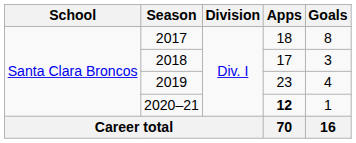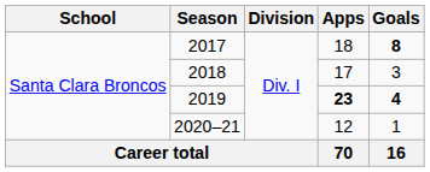 <table class="wikitable" style="text-align: center;">
 <tr>
 <th>School</th>
 <th>Season</th>
 <th>Division</th>
 <th>Apps</th>
 <th>Goals</th>
 </tr>
 <tr>
 <td rowspan="4"><a href='#'>Santa Clara Broncos</a></td>
 <td>2017</td>
 <td rowspan="4"><a href='#'>Div. I</a></td>
 <td>18</td>
-<td>8</td>
+<td><strong>8</strong></td>
 </tr>
 <tr>
 <td>2018</td>
 <td>17</td>
 <td>3</td>
 </tr>
 <tr>
 <td>2019</td>
-<td>23</td>
-<td>4</td>
+<td><strong>23</strong></td>
+<td><strong>4</strong></td>
 </tr>
 <tr>
 <td>2020–21</td>
-<td><strong>12</strong></td>
+<td>12</td>
 <td>1</td>
 </tr>
 <tr>
 <th colspan="3">Career total</th>
 <th>70</th>
 <th>16</th>
 </tr>
 </table>
